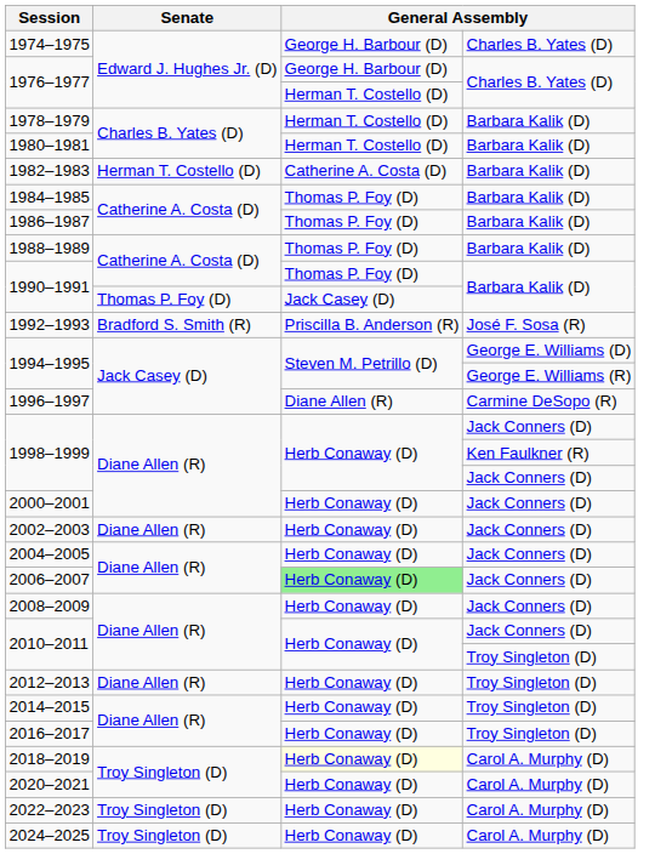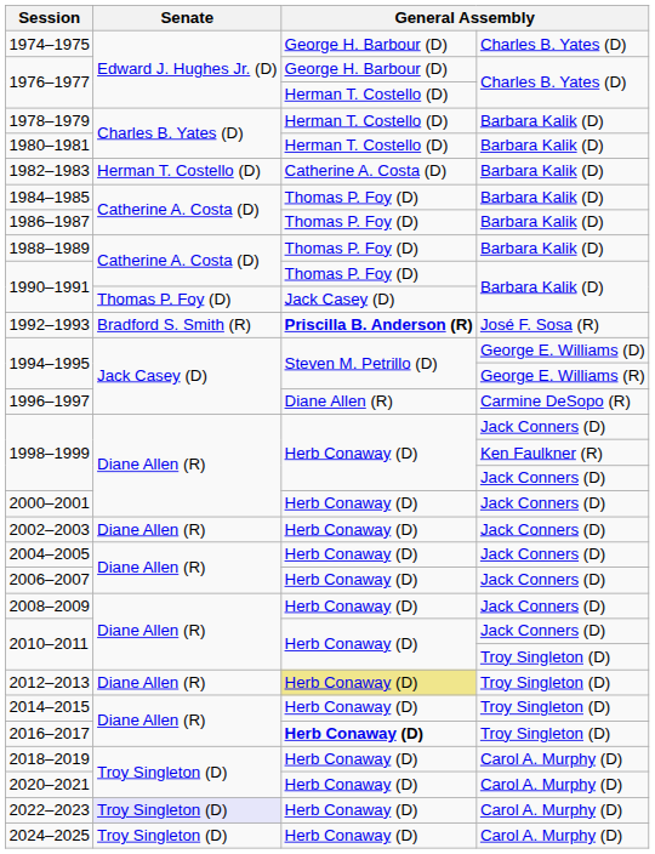 <table class="wikitable">
 <tr>
 <th>Session</th>
 <th>Senate</th>
 <th ! colspan=2>General Assembly</th>
 </tr>
 <tr>
 <td>1974–1975</td>
 <td rowspan=3 ><a href='#'>Edward J. Hughes Jr.</a> (D)</td>
 <td><a href='#'>George H. Barbour</a> (D)</td>
 <td><a href='#'>Charles B. Yates</a> (D)</td>
 </tr>
 <tr>
 <td rowspan=2>1976–1977</td>
 <td><a href='#'>George H. Barbour</a> (D)</td>
 <td rowspan=2 ><a href='#'>Charles B. Yates</a> (D)</td>
 </tr>
 <tr>
 <td><a href='#'>Herman T. Costello</a> (D)</td>
 </tr>
 <tr>
 <td>1978–1979</td>
 <td rowspan=2 ><a href='#'>Charles B. Yates</a> (D)</td>
 <td><a href='#'>Herman T. Costello</a> (D)</td>
 <td><a href='#'>Barbara Kalik</a> (D)</td>
 </tr>
 <tr>
 <td>1980–1981</td>
 <td><a href='#'>Herman T. Costello</a> (D)</td>
 <td><a href='#'>Barbara Kalik</a> (D)</td>
 </tr>
 <tr>
 <td>1982–1983</td>
 <td><a href='#'>Herman T. Costello</a> (D)</td>
 <td><a href='#'>Catherine A. Costa</a> (D)</td>
 <td><a href='#'>Barbara Kalik</a> (D)</td>
 </tr>
 <tr>
 <td>1984–1985</td>
 <td rowspan=2 ><a href='#'>Catherine A. Costa</a> (D)</td>
 <td><a href='#'>Thomas P. Foy</a> (D)</td>
 <td><a href='#'>Barbara Kalik</a> (D)</td>
 </tr>
 <tr>
 <td>1986–1987</td>
 <td><a href='#'>Thomas P. Foy</a> (D)</td>
 <td><a href='#'>Barbara Kalik</a> (D)</td>
 </tr>
 <tr>
 <td>1988–1989</td>
 <td rowspan=2 ><a href='#'>Catherine A. Costa</a> (D)</td>
 <td><a href='#'>Thomas P. Foy</a> (D)</td>
 <td><a href='#'>Barbara Kalik</a> (D)</td>
 </tr>
 <tr>
 <td rowspan=2>1990–1991</td>
 <td><a href='#'>Thomas P. Foy</a> (D)</td>
 <td rowspan=2 ><a href='#'>Barbara Kalik</a> (D)</td>
 </tr>
 <tr>
 <td><a href='#'>Thomas P. Foy</a> (D)</td>
 <td><a href='#'>Jack Casey</a> (D)</td>
 </tr>
 <tr>
 <td>1992–1993</td>
 <td><a href='#'>Bradford S. Smith</a> (R)</td>
-<td><a href='#'>Priscilla B. Anderson</a> (R)</td>
+<td><strong><a href='#'>Priscilla B. Anderson</a> (R)</strong></td>
 <td><a href='#'>José F. Sosa</a> (R)</td>
 </tr>
 <tr>
 <td rowspan=2>1994–1995</td>
 <td rowspan=3 ><a href='#'>Jack Casey</a> (D)</td>
 <td rowspan=2 ><a href='#'>Steven M. Petrillo</a> (D)</td>
 <td><a href='#'>George E. Williams</a> (D)</td>
 </tr>
 <tr>
 <td><a href='#'>George E. Williams</a> (R)</td>
 </tr>
 <tr>
 <td>1996–1997</td>
 <td><a href='#'>Diane Allen</a> (R)</td>
 <td><a href='#'>Carmine DeSopo</a> (R)</td>
 </tr>
 <tr>
 <td rowspan=3>1998–1999</td>
 <td rowspan=4 ><a href='#'>Diane Allen</a> (R)</td>
 <td rowspan=3 ><a href='#'>Herb Conaway</a> (D)</td>
 <td><a href='#'>Jack Conners</a> (D)</td>
 </tr>
 <tr>
 <td><a href='#'>Ken Faulkner</a> (R)</td>
 </tr>
 <tr>
 <td><a href='#'>Jack Conners</a> (D)</td>
 </tr>
 <tr>
 <td>2000–2001</td>
 <td><a href='#'>Herb Conaway</a> (D)</td>
 <td><a href='#'>Jack Conners</a> (D)</td>
 </tr>
 <tr>
 <td>2002–2003</td>
 <td><a href='#'>Diane Allen</a> (R)</td>
 <td><a href='#'>Herb Conaway</a> (D)</td>
 <td><a href='#'>Jack Conners</a> (D)</td>
 </tr>
 <tr>
 <td>2004–2005</td>
 <td rowspan=2 ><a href='#'>Diane Allen</a> (R)</td>
 <td><a href='#'>Herb Conaway</a> (D)</td>
 <td><a href='#'>Jack Conners</a> (D)</td>
 </tr>
 <tr>
 <td>2006–2007</td>
-<td style="background: lightgreen;"><a href='#'>Herb Conaway</a> (D)</td>
+<td><a href='#'>Herb Conaway</a> (D)</td>
 <td><a href='#'>Jack Conners</a> (D)</td>
 </tr>
 <tr>
 <td>2008–2009</td>
 <td rowspan=3 ><a href='#'>Diane Allen</a> (R)</td>
 <td><a href='#'>Herb Conaway</a> (D)</td>
 <td><a href='#'>Jack Conners</a> (D)</td>
 </tr>
 <tr>
 <td rowspan=2>2010–2011</td>
 <td rowspan=2 ><a href='#'>Herb Conaway</a> (D)</td>
 <td><a href='#'>Jack Conners</a> (D)</td>
 </tr>
 <tr>
 <td><a href='#'>Troy Singleton</a> (D)</td>
 </tr>
 <tr>
 <td>2012–2013</td>
 <td><a href='#'>Diane Allen</a> (R)</td>
-<td><a href='#'>Herb Conaway</a> (D)</td>
+<td style="background: khaki;"><a href='#'>Herb Conaway</a> (D)</td>
 <td><a href='#'>Troy Singleton</a> (D)</td>
 </tr>
 <tr>
 <td>2014–2015</td>
 <td rowspan=2 ><a href='#'>Diane Allen</a> (R)</td>
 <td><a href='#'>Herb Conaway</a> (D)</td>
 <td><a href='#'>Troy Singleton</a> (D)</td>
 </tr>
 <tr>
 <td>2016–2017</td>
-<td><a href='#'>Herb Conaway</a> (D)</td>
+<td><strong><a href='#'>Herb Conaway</a> (D)</strong></td>
 <td><a href='#'>Troy Singleton</a> (D)</td>
 </tr>
 <tr>
 <td>2018–2019</td>
 <td rowspan=2 ><a href='#'>Troy Singleton</a> (D)</td>
-<td style="background: lightyellow;"><a href='#'>Herb Conaway</a> (D)</td>
+<td><a href='#'>Herb Conaway</a> (D)</td>
 <td><a href='#'>Carol A. Murphy</a> (D)</td>
 </tr>
 <tr>
 <td>2020–2021</td>
 <td><a href='#'>Herb Conaway</a> (D)</td>
 <td><a href='#'>Carol A. Murphy</a> (D)</td>
 </tr>
 <tr>
 <td>2022–2023</td>
-<td><a href='#'>Troy Singleton</a> (D)</td>
+<td style="background: lavender;"><a href='#'>Troy Singleton</a> (D)</td>
 <td><a href='#'>Herb Conaway</a> (D)</td>
 <td><a href='#'>Carol A. Murphy</a> (D)</td>
 </tr>
 <tr>
 <td>2024–2025</td>
 <td><a href='#'>Troy Singleton</a> (D)</td>
 <td><a href='#'>Herb Conaway</a> (D)</td>
 <td><a href='#'>Carol A. Murphy</a> (D)</td>
 </tr>
 </table>
